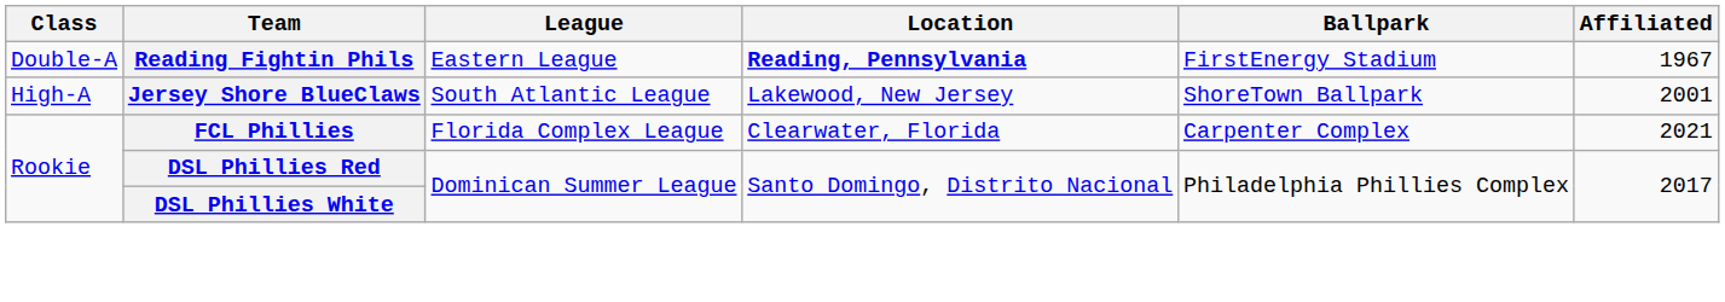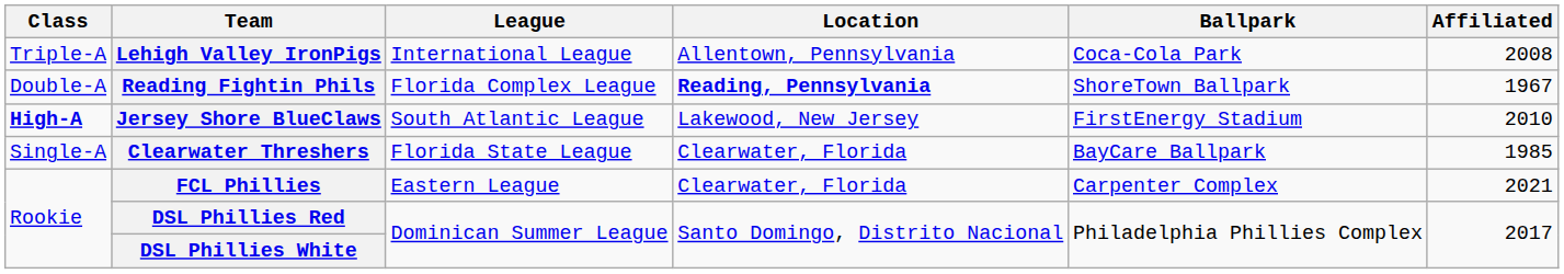 <table class="wikitable plainrowheaders sortable">
 <tr>
 <th scope="col">Class</th>
 <th scope="col">Team</th>
 <th scope="col">League</th>
 <th scope="col">Location</th>
 <th scope="col">Ballpark</th>
 <th scope="col">Affiliated</th>
 </tr>
 <tr>
+<td><a href='#'>Triple-A</a></td>
+<th scope="row"><a href='#'>Lehigh Valley IronPigs</a></th>
+<td><a href='#'>International League</a></td>
+<td><a href='#'>Allentown, Pennsylvania</a></td>
+<td><a href='#'>Coca-Cola Park</a></td>
+<td align="right">2008</td>
+</tr>
+<tr>
 <td><a href='#'>Double-A</a></td>
 <th scope="row"><a href='#'>Reading Fightin Phils</a></th>
-<td><a href='#'>Eastern League</a></td>
+<td><a href='#'>Florida Complex League</a></td>
 <td><strong><a href='#'>Reading, Pennsylvania</a></strong></td>
-<td><a href='#'>FirstEnergy Stadium</a></td>
+<td><a href='#'>ShoreTown Ballpark</a></td>
 <td align="right">1967</td>
 </tr>
 <tr>
-<td><a href='#'>High-A</a></td>
+<td><strong><a href='#'>High-A</a></strong></td>
 <th scope="row"><a href='#'>Jersey Shore BlueClaws</a></th>
 <td><a href='#'>South Atlantic League</a></td>
 <td><a href='#'>Lakewood, New Jersey</a></td>
-<td><a href='#'>ShoreTown Ballpark</a></td>
-<td align="right">2001</td>
+<td><a href='#'>FirstEnergy Stadium</a></td>
+<td align="right">2010</td>
+</tr>
+<tr>
+<td><a href='#'>Single-A</a></td>
+<th scope="row"><a href='#'>Clearwater Threshers</a></th>
+<td><a href='#'>Florida State League</a></td>
+<td><a href='#'>Clearwater, Florida</a></td>
+<td><a href='#'>BayCare Ballpark</a></td>
+<td align="right">1985</td>
 </tr>
 <tr>
 <td rowspan=3><a href='#'>Rookie</a></td>
 <th scope="row"><a href='#'>FCL Phillies</a></th>
-<td><a href='#'>Florida Complex League</a></td>
+<td><a href='#'>Eastern League</a></td>
 <td><a href='#'>Clearwater, Florida</a></td>
 <td><a href='#'>Carpenter Complex</a></td>
 <td align="right">2021</td>
 </tr>
 <tr>
 <th scope="row"><a href='#'>DSL Phillies Red</a></th>
 <td rowspan=2><a href='#'>Dominican Summer League</a></td>
 <td rowspan=2><a href='#'>Santo Domingo</a>, <a href='#'>Distrito Nacional</a></td>
 <td rowspan=2>Philadelphia Phillies Complex</td>
 <td rowspan=2 align="right">2017</td>
 </tr>
 <tr>
 <th scope="row"><a href='#'>DSL Phillies White</a></th>
 </tr>
 </table>
